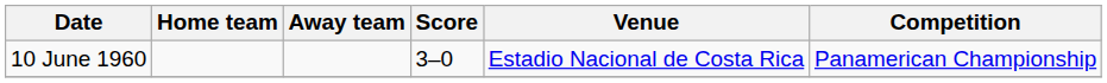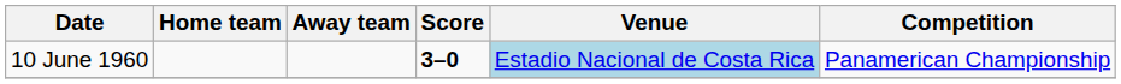 <table class="wikitable">
 <tr>
 <th>Date</th>
 <th>Home team</th>
 <th>Away team</th>
 <th>Score</th>
 <th>Venue</th>
 <th>Competition</th>
 </tr>
 <tr>
 <td>10 June 1960</td>
 <td></td>
 <td></td>
-<td>3–0</td>
-<td><a href='#'>Estadio Nacional de Costa Rica</a></td>
+<td><strong>3–0</strong></td>
+<td style="background: lightblue;"><a href='#'>Estadio Nacional de Costa Rica</a></td>
 <td><a href='#'>Panamerican Championship</a></td>
 </tr>
 <tr>
 </tr>
 </table>
